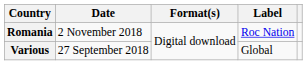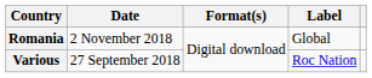 <table class="wikitable plainrowheaders">
 <tr>
 <th scope="col">Country</th>
 <th scope="col">Date</th>
 <th scope="col">Format(s)</th>
 <th scope="col">Label</th>
 <th scope="col"></th>
 </tr>
 <tr>
 <th scope="row">Romania</th>
 <td>2 November 2018</td>
 <td rowspan="2">Digital download</td>
-<td><a href='#'>Roc Nation</a></td>
+<td>Global</td>
 <td></td>
 </tr>
 <tr>
 <th scope="row">Various</th>
 <td>27 September 2018</td>
-<td>Global</td>
+<td><a href='#'>Roc Nation</a></td>
 <td></td>
 </tr>
 </table>
